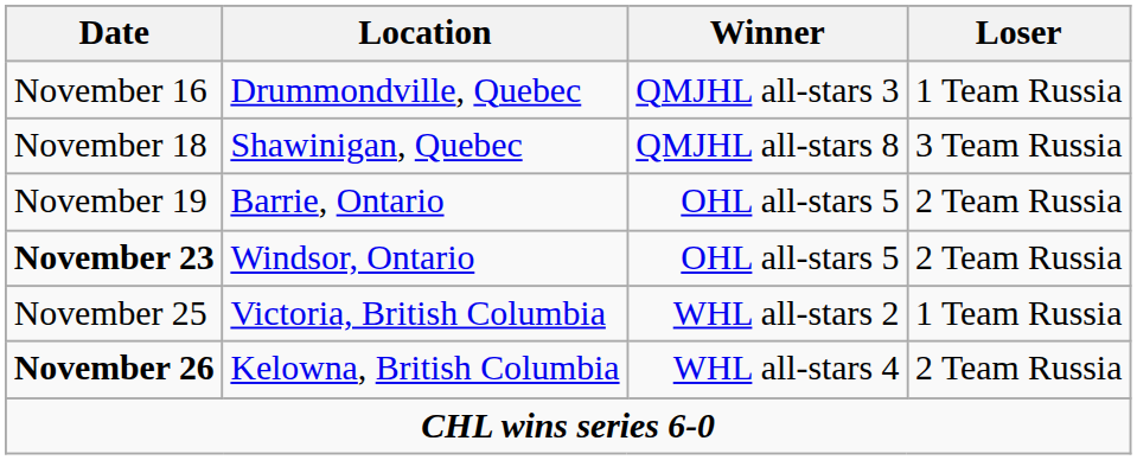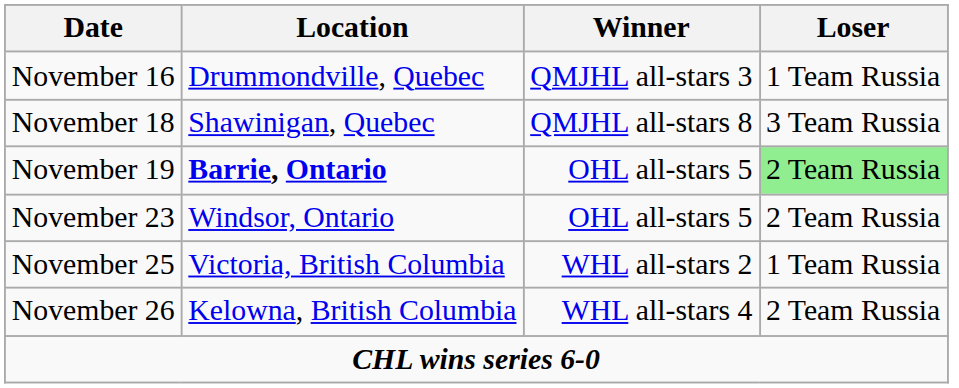 <table class="wikitable">
 <tr>
 <th>Date</th>
 <th>Location</th>
 <th>Winner</th>
 <th>Loser</th>
 </tr>
 <tr>
 <td>November 16</td>
 <td><a href='#'>Drummondville</a>, <a href='#'>Quebec</a></td>
 <td align="right"><a href='#'>QMJHL</a> all-stars 3</td>
 <td>1 Team Russia</td>
 </tr>
 <tr>
 <td>November 18</td>
 <td><a href='#'>Shawinigan</a>, <a href='#'>Quebec</a></td>
 <td align="right"><a href='#'>QMJHL</a> all-stars 8</td>
 <td>3 Team Russia</td>
 </tr>
 <tr>
 <td>November 19</td>
-<td><a href='#'>Barrie</a>, <a href='#'>Ontario</a></td>
+<td><strong><a href='#'>Barrie</a>, <a href='#'>Ontario</a></strong></td>
 <td align="right"><a href='#'>OHL</a> all-stars 5</td>
-<td>2 Team Russia</td>
+<td style="background: lightgreen;">2 Team Russia</td>
 </tr>
 <tr>
-<td><strong>November 23</strong></td>
+<td>November 23</td>
 <td><a href='#'>Windsor, Ontario</a></td>
 <td align="right"><a href='#'>OHL</a> all-stars 5</td>
 <td>2 Team Russia</td>
 </tr>
 <tr>
 <td>November 25</td>
 <td><a href='#'>Victoria, British Columbia</a></td>
 <td align="right"><a href='#'>WHL</a> all-stars 2</td>
 <td>1 Team Russia</td>
 </tr>
 <tr>
-<td><strong>November 26</strong></td>
+<td>November 26</td>
 <td><a href='#'>Kelowna</a>, <a href='#'>British Columbia</a></td>
 <td align="right"><a href='#'>WHL</a> all-stars 4</td>
 <td>2 Team Russia</td>
 </tr>
 <tr align="center">
 <td colspan="4"><strong><em>CHL wins series 6-0</em></strong></td>
 </tr>
 </table>
